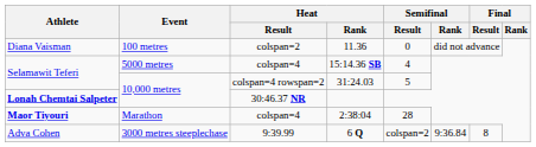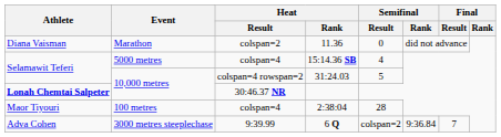 <table class="wikitable" style="font-size:90%; text-align:center;">
 <tr>
 <th rowspan=2>Athlete</th>
 <th rowspan=2>Event</th>
 <th colspan=2>Heat</th>
 <th colspan=2>Semifinal</th>
 <th colspan=2>Final</th>
 </tr>
 <tr style=font-size:95%>
 <th>Result</th>
 <th>Rank</th>
 <th>Result</th>
 <th>Rank</th>
 <th>Result</th>
 <th>Rank</th>
 </tr>
 <tr>
 <td align=left><a href='#'>Diana Vaisman</a></td>
-<td align=left><a href='#'>100 metres</a></td>
+<td align=left><a href='#'>Marathon</a></td>
 <td>colspan=2 </td>
 <td>11.36</td>
 <td>0</td>
 <td colspan=2>did not advance</td>
 </tr>
 <tr>
 <td align=left rowspan=2><a href='#'>Selamawit Teferi</a></td>
 <td align=left><a href='#'>5000 metres</a></td>
 <td>colspan=4 </td>
 <td>15:14.36 <strong><a href='#'>SB</a></strong></td>
 <td>4</td>
 </tr>
 <tr>
 <td align=left rowspan=2><a href='#'>10,000 metres</a></td>
 <td>colspan=4 rowspan=2 </td>
 <td>31:24.03</td>
 <td>5</td>
 </tr>
 <tr>
 <td align=left><strong><a href='#'>Lonah Chemtai Salpeter</a></strong></td>
 <td>30:46.37 <strong><a href='#'>NR</a></strong></td>
 <td></td>
 </tr>
 <tr>
-<td align=left><strong><a href='#'>Maor Tiyouri</a></strong></td>
-<td align=left><a href='#'>Marathon</a></td>
+<td align=left><a href='#'>Maor Tiyouri</a></td>
+<td align=left><a href='#'>100 metres</a></td>
 <td>colspan=4 </td>
 <td>2:38:04</td>
 <td>28</td>
 </tr>
 <tr>
 <td align=left><a href='#'>Adva Cohen</a></td>
 <td align=left><a href='#'>3000 metres steeplechase</a></td>
 <td>9:39.99</td>
 <td>6 <strong>Q</strong></td>
 <td>colspan=2 </td>
 <td>9:36.84</td>
-<td>8</td>
+<td>7</td>
 </tr>
 </table>
